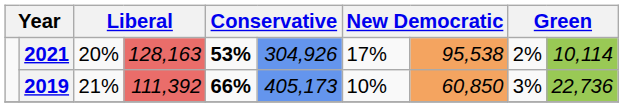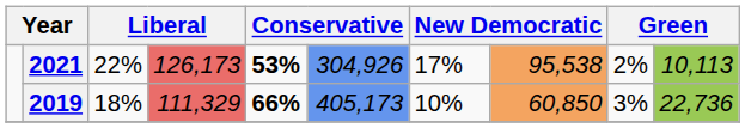 <table class="wikitable" style="float:right; width:400; font-size:90%; margin-left:1em;">
 <tr>
 <th colspan="2" scope="col">Year</th>
 <th colspan="2" scope="col"><a href='#'>Liberal</a></th>
 <th colspan="2" scope="col"><a href='#'>Conservative</a></th>
 <th colspan="2" scope="col"><a href='#'>New Democratic</a></th>
 <th colspan="2" scope="col"><a href='#'>Green</a></th>
 </tr>
 <tr>
 <td rowspan="2" style="width: 0.25em; background-color: "></td>
 <th><a href='#'>2021</a></th>
-<td>20%</td>
-<td style="text-align:right; background:#EA6D6A;"><em>128,163</em></td>
+<td>22%</td>
+<td style="text-align:right; background:#EA6D6A;"><em>126,173</em></td>
 <td><strong>53%</strong></td>
 <td style="text-align:right; background:#6495ED;"><em>304,926</em></td>
 <td>17%</td>
 <td style="text-align:right; background:#F4A460;"><em>95,538</em></td>
 <td>2%</td>
-<td style="text-align:right; background:#99C955;"><em>10,114</em></td>
+<td style="text-align:right; background:#99C955;"><em>10,113</em></td>
 </tr>
 <tr>
 <th><a href='#'>2019</a></th>
-<td>21%</td>
-<td style="text-align:right; background:#EA6D6A;"><em>111,392</em></td>
+<td>18%</td>
+<td style="text-align:right; background:#EA6D6A;"><em>111,329</em></td>
 <td><strong>66%</strong></td>
 <td style="text-align:right; background:#6495ED;"><em>405,173</em></td>
 <td>10%</td>
 <td style="text-align:right; background:#F4A460;"><em>60,850</em></td>
 <td>3%</td>
 <td style="text-align:right; background:#99C955;"><em>22,736</em></td>
 </tr>
 <tr>
 </tr>
 </table>
